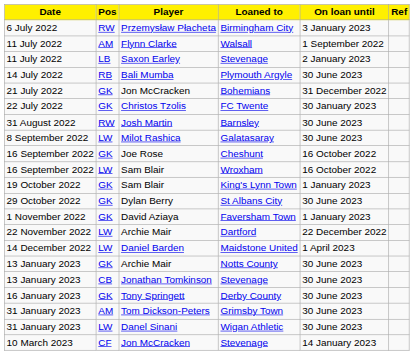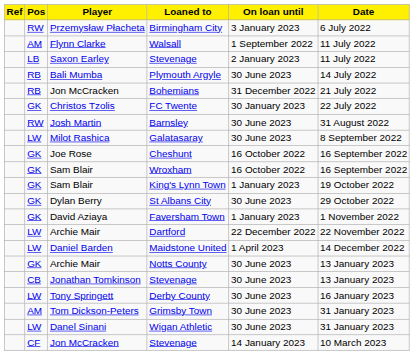 <table class="wikitable plainrowheaders sortable">
 <tr>
-<th style="background:#FFF000; color:#000000; ">Date</th>
+<th style="background:#FFF000; color:#000000; ">Ref</th>
 <th style="background:#FFF000; color:#000000; ">Pos</th>
 <th style="background:#FFF000; color:#000000; ">Player</th>
 <th style="background:#FFF000; color:#000000; ">Loaned to</th>
 <th style="background:#FFF000; color:#000000; ">On loan until</th>
-<th style="background:#FFF000; color:#000000; ">Ref</th>
+<th style="background:#FFF000; color:#000000; ">Date</th>
 </tr>
 <tr>
-<td>6 July 2022</td>
+<td></td>
 <td><a href='#'>RW</a></td>
 <td> <a href='#'>Przemysław Płacheta</a></td>
 <td> <a href='#'>Birmingham City</a></td>
 <td>3 January 2023</td>
-<td></td>
+<td>6 July 2022</td>
 </tr>
 <tr>
-<td>11 July 2022</td>
+<td></td>
 <td><a href='#'>AM</a></td>
 <td> <a href='#'>Flynn Clarke</a></td>
 <td> <a href='#'>Walsall</a></td>
 <td>1 September 2022</td>
-<td></td>
+<td>11 July 2022</td>
 </tr>
 <tr>
-<td>11 July 2022</td>
+<td></td>
 <td><a href='#'>LB</a></td>
 <td> <a href='#'>Saxon Earley</a></td>
 <td> <a href='#'>Stevenage</a></td>
 <td>2 January 2023</td>
-<td></td>
+<td>11 July 2022</td>
 </tr>
 <tr>
-<td>14 July 2022</td>
+<td></td>
 <td><a href='#'>RB</a></td>
 <td> <a href='#'>Bali Mumba</a></td>
 <td> <a href='#'>Plymouth Argyle</a></td>
 <td>30 June 2023</td>
-<td></td>
+<td>14 July 2022</td>
 </tr>
 <tr>
-<td>21 July 2022</td>
-<td><a href='#'>GK</a></td>
+<td></td>
+<td><a href='#'>RB</a></td>
 <td> Jon McCracken</td>
 <td> <a href='#'>Bohemians</a></td>
 <td>31 December 2022</td>
-<td></td>
+<td>21 July 2022</td>
 </tr>
 <tr>
-<td>22 July 2022</td>
+<td></td>
 <td><a href='#'>GK</a></td>
 <td> <a href='#'>Christos Tzolis</a></td>
 <td> <a href='#'>FC Twente</a></td>
 <td>30 January 2023</td>
-<td></td>
+<td>22 July 2022</td>
 </tr>
 <tr>
-<td>31 August 2022</td>
+<td></td>
 <td><a href='#'>RW</a></td>
 <td> <a href='#'>Josh Martin</a></td>
 <td> <a href='#'>Barnsley</a></td>
 <td>30 June 2023</td>
-<td></td>
+<td>31 August 2022</td>
 </tr>
 <tr>
-<td>8 September 2022</td>
+<td></td>
 <td><a href='#'>LW</a></td>
 <td> <a href='#'>Milot Rashica</a></td>
 <td> <a href='#'>Galatasaray</a></td>
 <td>30 June 2023</td>
-<td></td>
+<td>8 September 2022</td>
 </tr>
 <tr>
-<td>16 September 2022</td>
+<td></td>
 <td><a href='#'>GK</a></td>
 <td> Joe Rose</td>
 <td> <a href='#'>Cheshunt</a></td>
 <td>16 October 2022</td>
-<td></td>
+<td>16 September 2022</td>
 </tr>
 <tr>
-<td>16 September 2022</td>
-<td><a href='#'>LW</a></td>
+<td></td>
+<td><a href='#'>GK</a></td>
 <td> Sam Blair</td>
 <td> <a href='#'>Wroxham</a></td>
 <td>16 October 2022</td>
-<td></td>
+<td>16 September 2022</td>
 </tr>
 <tr>
-<td>19 October 2022</td>
+<td></td>
 <td><a href='#'>GK</a></td>
 <td> Sam Blair</td>
 <td> <a href='#'>King's Lynn Town</a></td>
 <td>1 January 2023</td>
-<td></td>
+<td>19 October 2022</td>
 </tr>
 <tr>
-<td>29 October 2022</td>
+<td></td>
 <td><a href='#'>GK</a></td>
 <td> Dylan Berry</td>
 <td> <a href='#'>St Albans City</a></td>
 <td>30 June 2023</td>
-<td></td>
+<td>29 October 2022</td>
 </tr>
 <tr>
-<td>1 November 2022</td>
+<td></td>
 <td><a href='#'>GK</a></td>
 <td> David Aziaya</td>
 <td> <a href='#'>Faversham Town</a></td>
 <td>1 January 2023</td>
-<td></td>
+<td>1 November 2022</td>
 </tr>
 <tr>
-<td>22 November 2022</td>
+<td></td>
 <td><a href='#'>LW</a></td>
 <td> Archie Mair</td>
 <td> <a href='#'>Dartford</a></td>
 <td>22 December 2022</td>
-<td></td>
+<td>22 November 2022</td>
 </tr>
 <tr>
-<td>14 December 2022</td>
+<td></td>
 <td><a href='#'>LW</a></td>
 <td> <a href='#'>Daniel Barden</a></td>
 <td> <a href='#'>Maidstone United</a></td>
 <td>1 April 2023</td>
-<td></td>
+<td>14 December 2022</td>
 </tr>
 <tr>
-<td>13 January 2023</td>
+<td></td>
 <td><a href='#'>GK</a></td>
 <td> Archie Mair</td>
 <td> <a href='#'>Notts County</a></td>
 <td>30 June 2023</td>
-<td></td>
+<td>13 January 2023</td>
 </tr>
 <tr>
-<td>13 January 2023</td>
+<td></td>
 <td><a href='#'>CB</a></td>
 <td> <a href='#'>Jonathan Tomkinson</a></td>
 <td> <a href='#'>Stevenage</a></td>
 <td>30 June 2023</td>
-<td></td>
+<td>13 January 2023</td>
 </tr>
 <tr>
-<td>16 January 2023</td>
-<td><a href='#'>GK</a></td>
+<td></td>
+<td><a href='#'>LW</a></td>
 <td> <a href='#'>Tony Springett</a></td>
 <td> <a href='#'>Derby County</a></td>
 <td>30 June 2023</td>
-<td></td>
+<td>16 January 2023</td>
 </tr>
 <tr>
-<td>31 January 2023</td>
+<td></td>
 <td><a href='#'>AM</a></td>
 <td> <a href='#'>Tom Dickson-Peters</a></td>
 <td> <a href='#'>Grimsby Town</a></td>
 <td>30 June 2023</td>
-<td></td>
+<td>31 January 2023</td>
 </tr>
 <tr>
-<td>31 January 2023</td>
+<td></td>
 <td><a href='#'>LW</a></td>
 <td> <a href='#'>Danel Sinani</a></td>
 <td> <a href='#'>Wigan Athletic</a></td>
 <td>30 June 2023</td>
-<td></td>
+<td>31 January 2023</td>
 </tr>
 <tr>
-<td>10 March 2023</td>
+<td></td>
 <td><a href='#'>CF</a></td>
 <td> <a href='#'>Jon McCracken</a></td>
 <td> <a href='#'>Stevenage</a></td>
 <td>14 January 2023</td>
-<td></td>
+<td>10 March 2023</td>
 </tr>
 </table>
